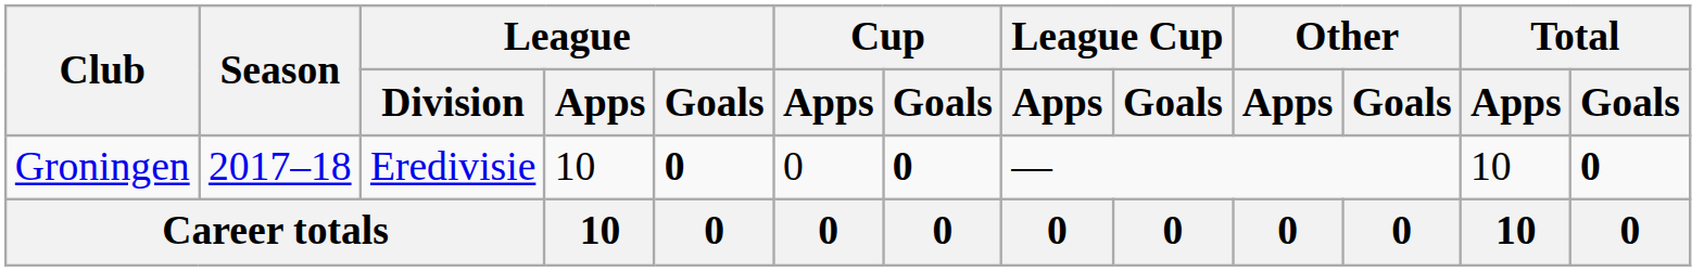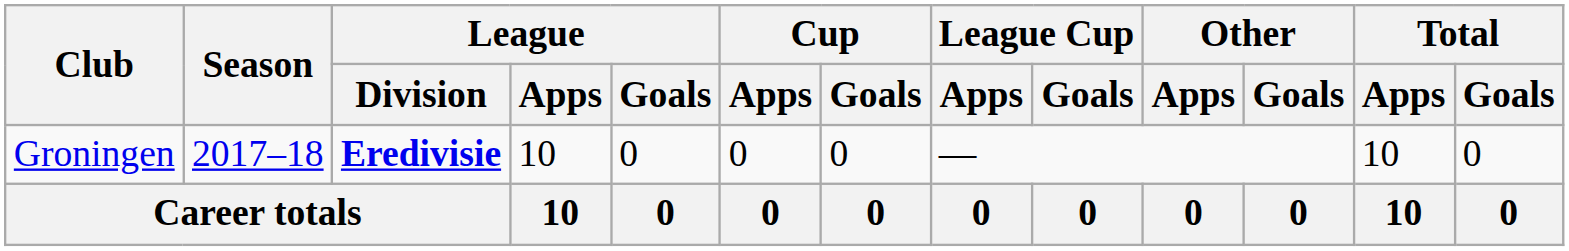 <table class="wikitable" text-align: center">
 <tr>
 <th rowspan=2>Club</th>
 <th rowspan=2>Season</th>
 <th colspan=3>League</th>
 <th colspan=2>Cup</th>
 <th colspan=2>League Cup</th>
 <th colspan=2>Other</th>
 <th colspan=2>Total</th>
 </tr>
 <tr>
 <th>Division</th>
 <th>Apps</th>
 <th>Goals</th>
 <th>Apps</th>
 <th>Goals</th>
 <th>Apps</th>
 <th>Goals</th>
 <th>Apps</th>
 <th>Goals</th>
 <th>Apps</th>
 <th>Goals</th>
 </tr>
 <tr>
 <td><a href='#'>Groningen</a></td>
 <td><a href='#'>2017–18</a></td>
-<td><a href='#'>Eredivisie</a></td>
+<td><strong><a href='#'>Eredivisie</a></strong></td>
 <td>10</td>
-<td><strong>0</strong></td>
 <td>0</td>
-<td><strong>0</strong></td>
+<td>0</td>
+<td>0</td>
 <td colspan=4>—</td>
 <td>10</td>
-<td><strong>0</strong></td>
+<td>0</td>
 </tr>
 <tr>
 <th colspan=3>Career totals</th>
 <th>10</th>
 <th>0</th>
 <th>0</th>
 <th>0</th>
 <th>0</th>
 <th>0</th>
 <th>0</th>
 <th>0</th>
 <th>10</th>
 <th>0</th>
 </tr>
 </table>
